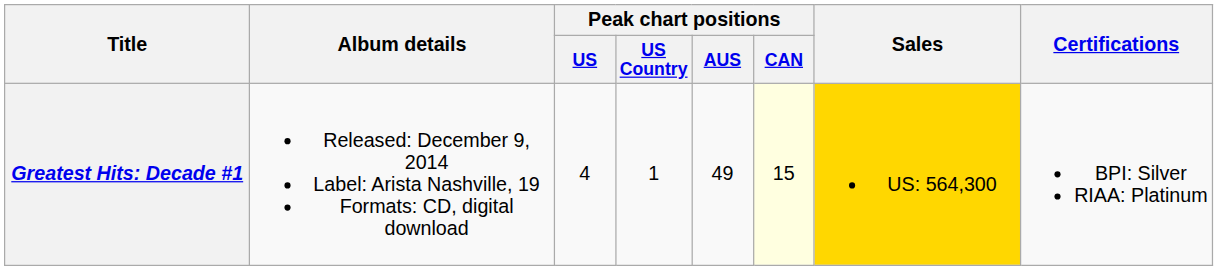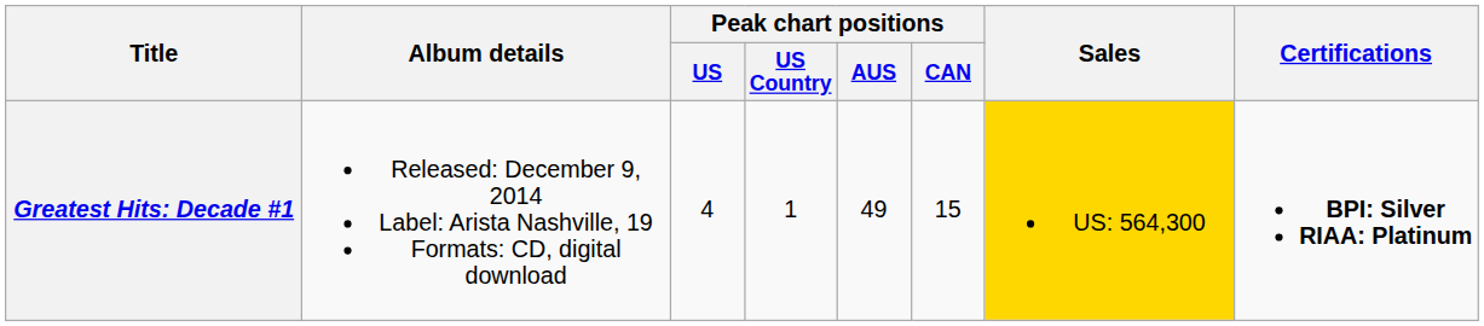 <table class="wikitable plainrowheaders" style="text-align:center;">
 <tr>
 <th scope="col" rowspan="2" style="width:12em;">Title</th>
 <th scope="col" rowspan="2" style="width:15em;">Album details</th>
 <th scope="col" colspan="4">Peak chart positions</th>
 <th scope="col" rowspan="2" style="width:10em;">Sales</th>
 <th scope="col" rowspan="2"><a href='#'>Certifications</a></th>
 </tr>
 <tr>
 <th scope="col" style="width:3em;font-size:90%;"><a href='#'>US</a></th>
 <th scope="col" style="width:3em;font-size:90%;"><a href='#'>US Country</a></th>
 <th scope="col" style="width:3em;font-size:90%;"><a href='#'>AUS</a></th>
 <th scope="col" style="width:3em;font-size:90%;"><a href='#'>CAN</a></th>
 </tr>
 <tr>
 <th scope="row"><em><a href='#'>Greatest Hits: Decade #1</a></em></th>
 <td><br><ul><li>Released: December 9, 2014</li><li>Label: Arista Nashville, 19</li><li>Formats: CD, digital download</li></ul></td>
 <td>4</td>
 <td>1</td>
 <td>49</td>
-<td style="background: lightyellow;">15</td>
+<td>15</td>
 <td style="background: gold;"><br><ul><li>US: 564,300</li></ul></td>
-<td><br><ul><li>BPI: Silver</li><li>RIAA: Platinum</li></ul></td>
+<td><strong><br><ul><li>BPI: Silver</li><li>RIAA: Platinum</li></ul></strong></td>
 </tr>
 </table>
